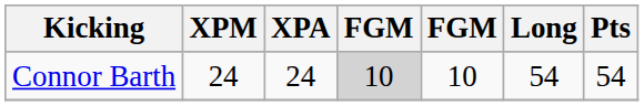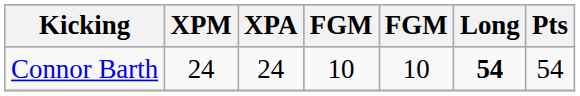 <table class="wikitable">
 <tr>
 <th>Kicking</th>
 <th>XPM</th>
 <th>XPA</th>
 <th>FGM</th>
 <th>FGM</th>
 <th>Long</th>
 <th>Pts</th>
 </tr>
 <tr>
 <td><a href='#'>Connor Barth</a></td>
 <td align="center">24</td>
 <td align="center">24</td>
-<td align="center" style="background: lightgrey;">10</td>
 <td align="center">10</td>
-<td align="center">54</td>
+<td align="center">10</td>
+<td align="center"><strong>54</strong></td>
 <td align="center">54</td>
 </tr>
 <tr>
 </tr>
 </table>
